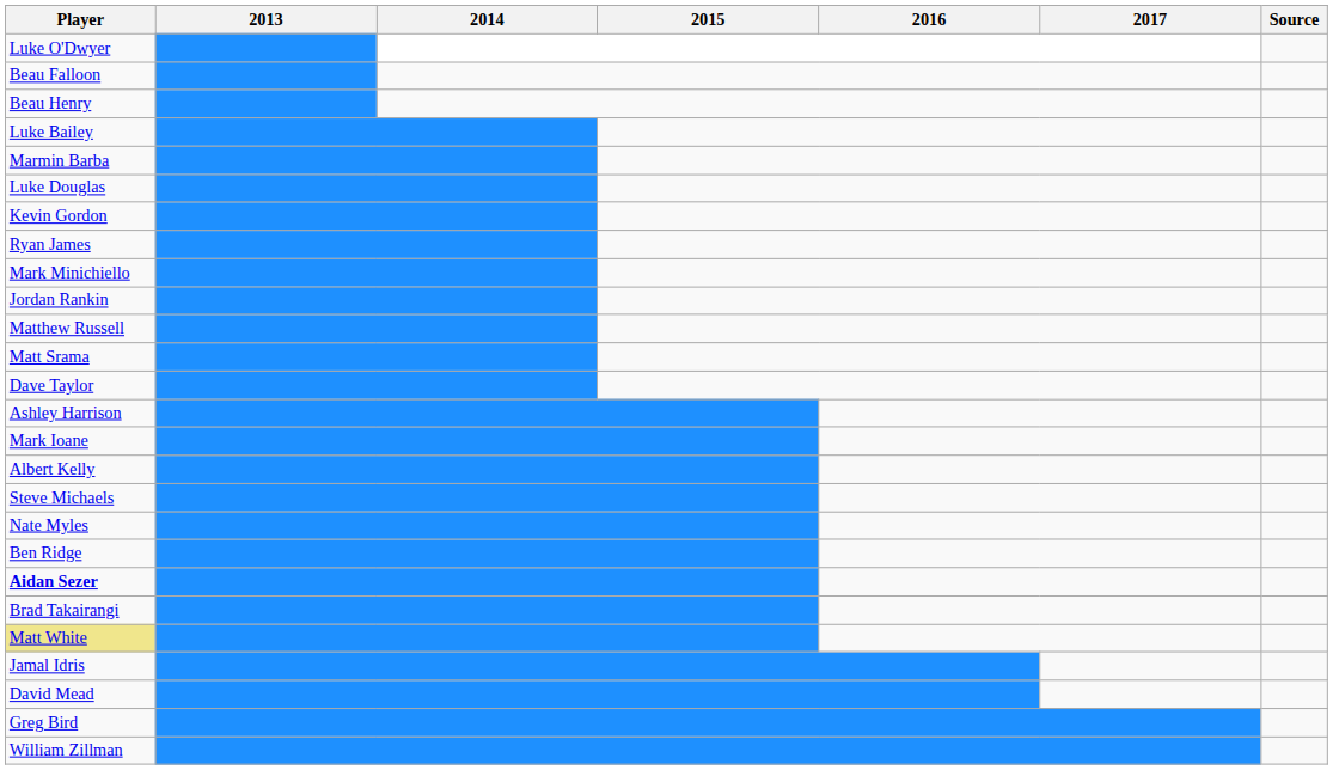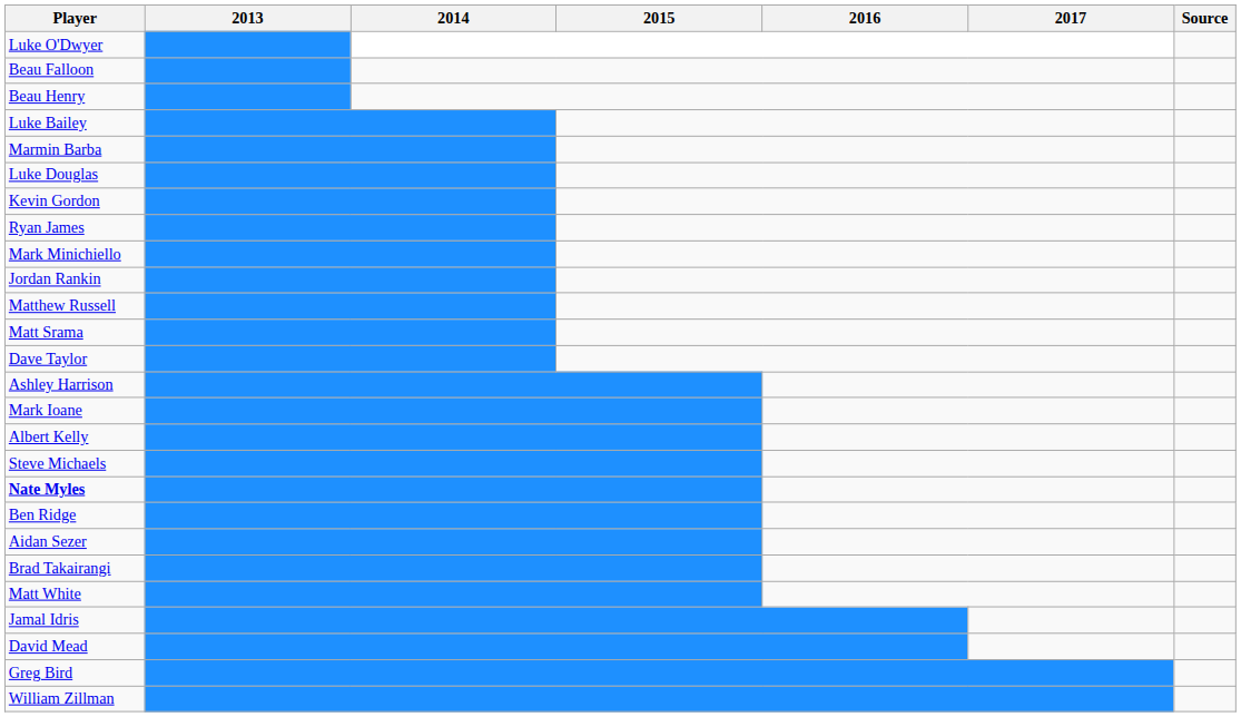 <table class="wikitable" style="font-size:90%">
 <tr>
 <th width="120">Player</th>
 <th width="180">2013</th>
 <th width="180">2014</th>
 <th width="180">2015</th>
 <th width="180">2016</th>
 <th width="180">2017</th>
 <th width="50">Source</th>
 </tr>
 <tr>
 <td><a href='#'>Luke O'Dwyer</a></td>
 <td colspan="1" style="background-color:dodgerblue"></td>
 <td colspan="4" style="background-color:white;"></td>
 <td></td>
 </tr>
 <tr>
 <td><a href='#'>Beau Falloon</a></td>
 <td colspan="1" style="background-color:dodgerblue"></td>
 <td colspan="4"></td>
 <td></td>
 </tr>
 <tr>
 <td><a href='#'>Beau Henry</a></td>
 <td colspan="1" style="background-color:dodgerblue"></td>
 <td colspan="4"></td>
 <td></td>
 </tr>
 <tr>
 <td><a href='#'>Luke Bailey</a></td>
 <td colspan="2" style="background-color:dodgerblue"></td>
 <td colspan="3"></td>
 <td></td>
 </tr>
 <tr>
 <td><a href='#'>Marmin Barba</a></td>
 <td colspan="2" style="background-color:dodgerblue"></td>
 <td colspan="3"></td>
 <td></td>
 </tr>
 <tr>
 <td><a href='#'>Luke Douglas</a></td>
 <td colspan="2" style="background-color:dodgerblue"></td>
 <td colspan="3"></td>
 <td></td>
 </tr>
 <tr>
 <td><a href='#'>Kevin Gordon</a></td>
 <td colspan="2" style="background-color:dodgerblue"></td>
 <td colspan="3"></td>
 <td></td>
 </tr>
 <tr>
 <td><a href='#'>Ryan James</a></td>
 <td colspan="2" style="background-color:dodgerblue"></td>
 <td colspan="3"></td>
 <td></td>
 </tr>
 <tr>
 <td><a href='#'>Mark Minichiello</a></td>
 <td colspan="2" style="background-color:dodgerblue"></td>
 <td colspan="3"></td>
 <td></td>
 </tr>
 <tr>
 <td><a href='#'>Jordan Rankin</a></td>
 <td colspan="2" style="background-color:dodgerblue"></td>
 <td colspan="3"></td>
 <td></td>
 </tr>
 <tr>
 <td><a href='#'>Matthew Russell</a></td>
 <td colspan="2" style="background-color:dodgerblue"></td>
 <td colspan="3"></td>
 <td></td>
 </tr>
 <tr>
 <td><a href='#'>Matt Srama</a></td>
 <td colspan="2" style="background-color:dodgerblue"></td>
 <td colspan="3"></td>
 <td></td>
 </tr>
 <tr>
 <td><a href='#'>Dave Taylor</a></td>
 <td colspan="2" style="background-color:dodgerblue"></td>
 <td colspan="3"></td>
 <td></td>
 </tr>
 <tr>
 <td><a href='#'>Ashley Harrison</a></td>
 <td colspan="3" style="background-color:dodgerblue"></td>
 <td colspan="2"></td>
 <td></td>
 </tr>
 <tr>
 <td><a href='#'>Mark Ioane</a></td>
 <td colspan="3" style="background-color:dodgerblue"></td>
 <td colspan="2"></td>
 <td></td>
 </tr>
 <tr>
 <td><a href='#'>Albert Kelly</a></td>
 <td colspan="3" style="background-color:dodgerblue"></td>
 <td colspan="2"></td>
 <td></td>
 </tr>
 <tr>
 <td><a href='#'>Steve Michaels</a></td>
 <td colspan="3" style="background-color:dodgerblue"></td>
 <td colspan="2"></td>
 <td></td>
 </tr>
 <tr>
-<td><a href='#'>Nate Myles</a></td>
+<td><strong><a href='#'>Nate Myles</a></strong></td>
 <td colspan="3" style="background-color:dodgerblue"></td>
 <td colspan="2"></td>
 <td></td>
 </tr>
 <tr>
 <td><a href='#'>Ben Ridge</a></td>
 <td colspan="3" style="background-color:dodgerblue"></td>
 <td colspan="2"></td>
 <td></td>
 </tr>
 <tr>
-<td><strong><a href='#'>Aidan Sezer</a></strong></td>
+<td><a href='#'>Aidan Sezer</a></td>
 <td colspan="3" style="background-color:dodgerblue"></td>
 <td colspan="2"></td>
 <td></td>
 </tr>
 <tr>
 <td><a href='#'>Brad Takairangi</a></td>
 <td colspan="3" style="background-color:dodgerblue"></td>
 <td colspan="2"></td>
 <td></td>
 </tr>
 <tr>
-<td style="background: khaki;"><a href='#'>Matt White</a></td>
+<td><a href='#'>Matt White</a></td>
 <td colspan="3" style="background-color:dodgerblue"></td>
 <td colspan="2"></td>
 <td></td>
 </tr>
 <tr>
 <td><a href='#'>Jamal Idris</a></td>
 <td colspan="4" style="background-color:dodgerblue"></td>
 <td colspan="1"></td>
 <td></td>
 </tr>
 <tr>
 <td><a href='#'>David Mead</a></td>
 <td colspan="4" style="background-color:dodgerblue"></td>
 <td colspan="1"></td>
 <td></td>
 </tr>
 <tr>
 <td><a href='#'>Greg Bird</a></td>
 <td colspan="5" style="background-color:dodgerblue"></td>
 <td></td>
 </tr>
 <tr>
 <td><a href='#'>William Zillman</a></td>
 <td colspan="5" style="background-color:dodgerblue"></td>
 <td></td>
 </tr>
 </table>
